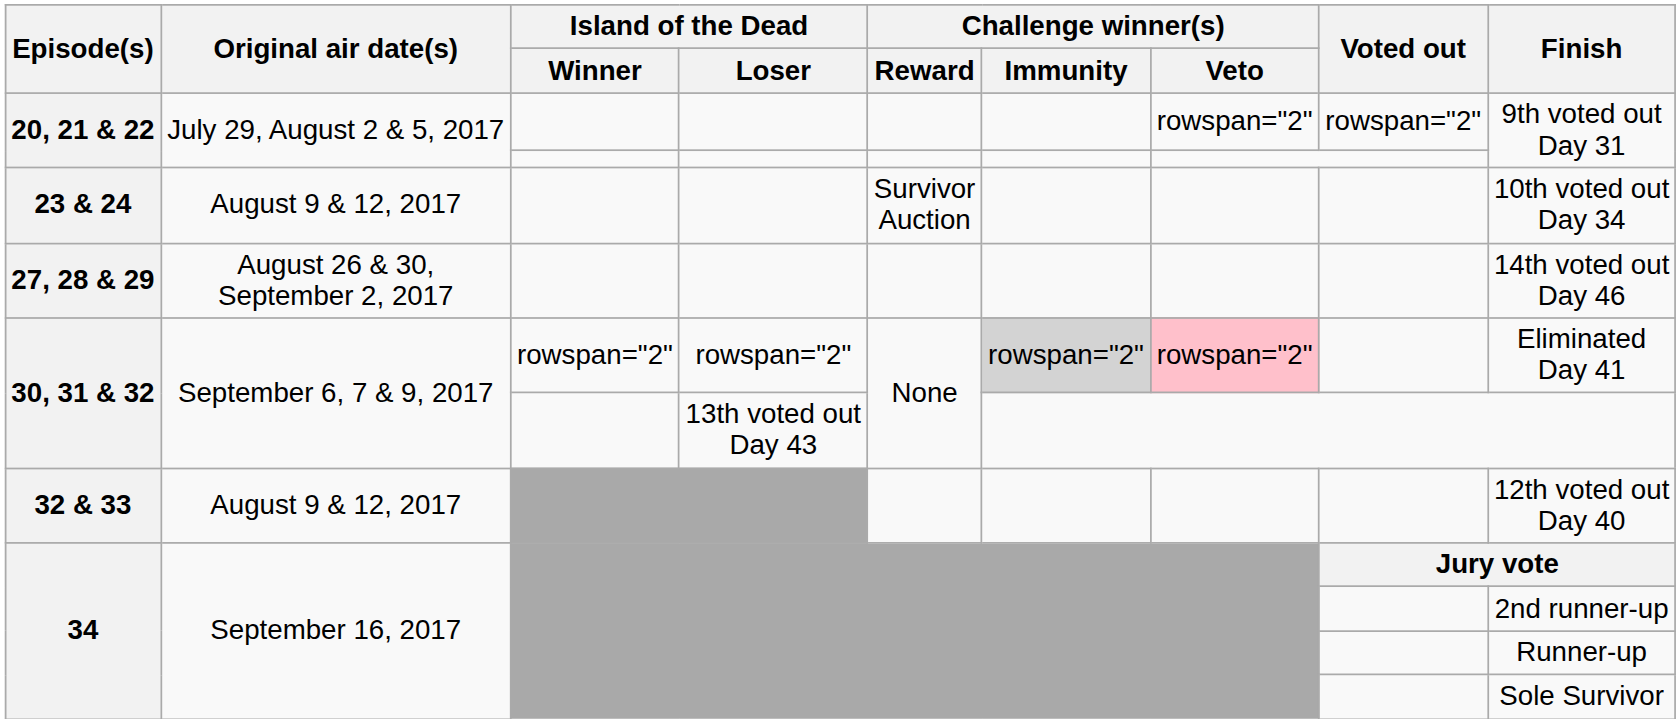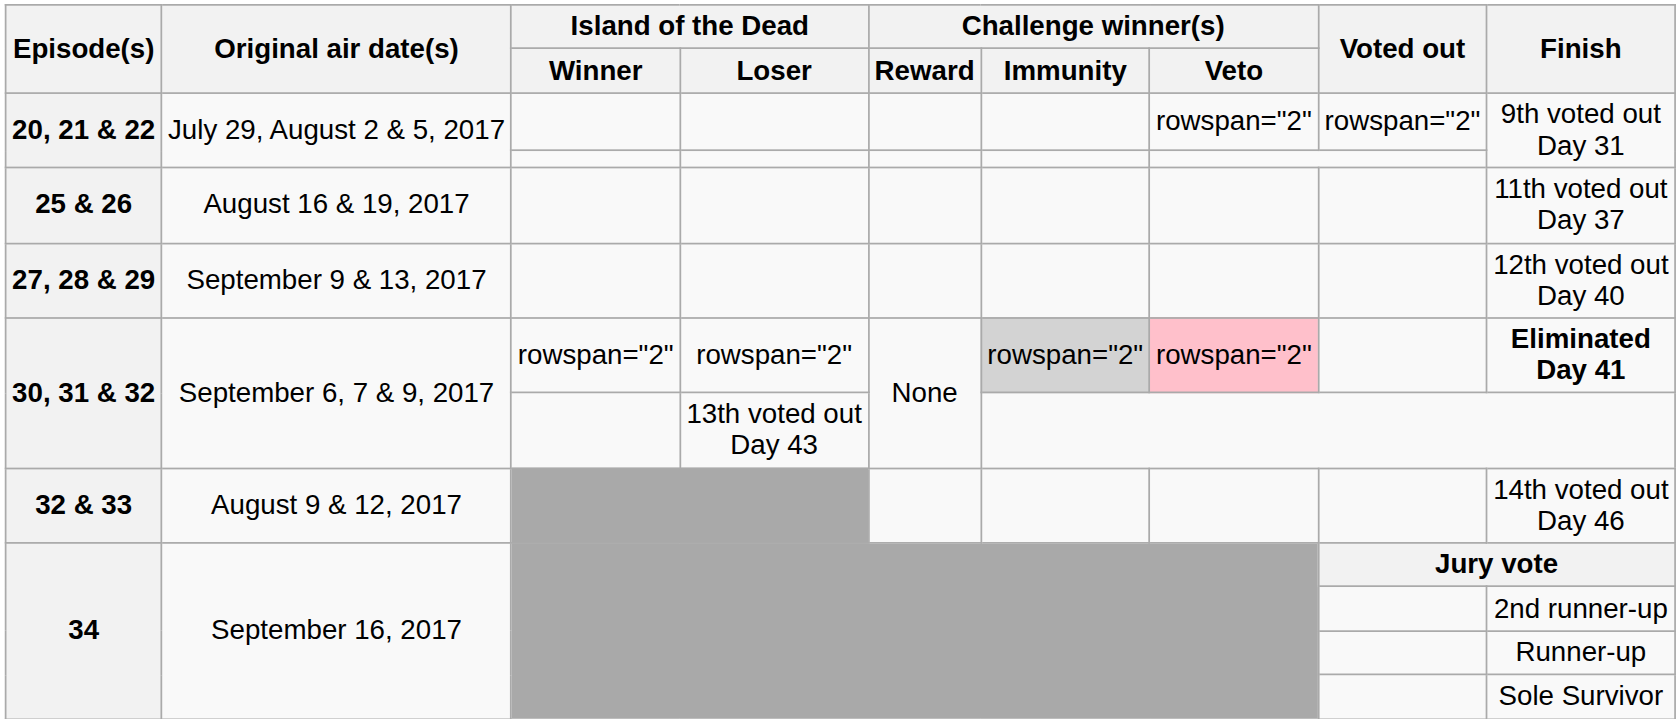 <table class="wikitable plainrowheaders nowrap" style="margin:auto; text-align:center">
 <tr>
 <th scope="col" rowspan="2">Episode(s)</th>
 <th scope="col" rowspan="2">Original air date(s)</th>
 <th scope="col" colspan="2">Island of the Dead</th>
 <th scope="col" colspan="3">Challenge winner(s)</th>
 <th scope="col" rowspan="2">Voted out</th>
 <th scope="col" rowspan="2">Finish</th>
 </tr>
 <tr>
 <th scope="col">Winner</th>
 <th scope="col">Loser</th>
 <th scope="col">Reward</th>
 <th scope="col">Immunity</th>
 <th scope="col">Veto</th>
 </tr>
 <tr>
 <th rowspan="2">20, 21 & 22</th>
 <td rowspan="2">July 29, August 2 & 5, 2017</td>
 <td></td>
 <td></td>
 <td></td>
 <td></td>
 <td>rowspan="2" </td>
 <td>rowspan="2" </td>
 <td rowspan="2">9th voted out<br>Day 31</td>
 </tr>
 <tr>
 <td></td>
 <td></td>
 <td></td>
 <td></td>
 </tr>
 <tr>
-<th>23 & 24</th>
-<td>August 9 & 12, 2017</td>
-<td></td>
-<td></td>
-<td>Survivor<br>Auction</td>
-<td></td>
-<td></td>
-<td></td>
-<td>10th voted out<br>Day 34</td>
-</tr>
-<tr>
-<th>27, 28 & 29</th>
-<td>August 26 & 30,<br>September 2, 2017</td>
+<th>25 & 26</th>
+<td>August 16 & 19, 2017</td>
 <td></td>
 <td></td>
 <td></td>
 <td></td>
 <td></td>
 <td></td>
-<td>14th voted out<br>Day 46</td>
+<td>11th voted out<br>Day 37</td>
+</tr>
+<tr>
+<th>27, 28 & 29</th>
+<td>September 9 & 13, 2017</td>
+<td></td>
+<td></td>
+<td></td>
+<td></td>
+<td></td>
+<td></td>
+<td>12th voted out<br>Day 40</td>
 </tr>
 <tr>
 <th rowspan="2">30, 31 & 32</th>
 <td rowspan="2">September 6, 7 & 9, 2017</td>
 <td>rowspan="2" </td>
 <td>rowspan="2" </td>
 <td rowspan="2" style="text-align: center;">None</td>
 <td style="background: lightgrey;">rowspan="2" </td>
 <td style="background: pink;">rowspan="2" </td>
 <td></td>
-<td>Eliminated<br>Day 41</td>
+<td><strong>Eliminated<br>Day 41</strong></td>
 </tr>
 <tr>
 <td></td>
 <td>13th voted out<br>Day 43</td>
 </tr>
 <tr>
 <th>32 & 33</th>
 <td>August 9 & 12, 2017</td>
 <td colspan="2" bgcolor="darkgray"></td>
 <td></td>
 <td></td>
 <td></td>
 <td></td>
-<td>12th voted out<br>Day 40</td>
+<td>14th voted out<br>Day 46</td>
 </tr>
 <tr>
 <th rowspan="4">34</th>
 <td rowspan="4">September 16, 2017</td>
 <td rowspan="4" colspan="5" bgcolor="darkgray"></td>
 <th colspan="2">Jury vote</th>
 </tr>
 <tr>
 <td></td>
 <td>2nd runner-up</td>
 </tr>
 <tr>
 <td></td>
 <td>Runner-up</td>
 </tr>
 <tr>
 <td></td>
 <td>Sole Survivor</td>
 </tr>
 </table>
